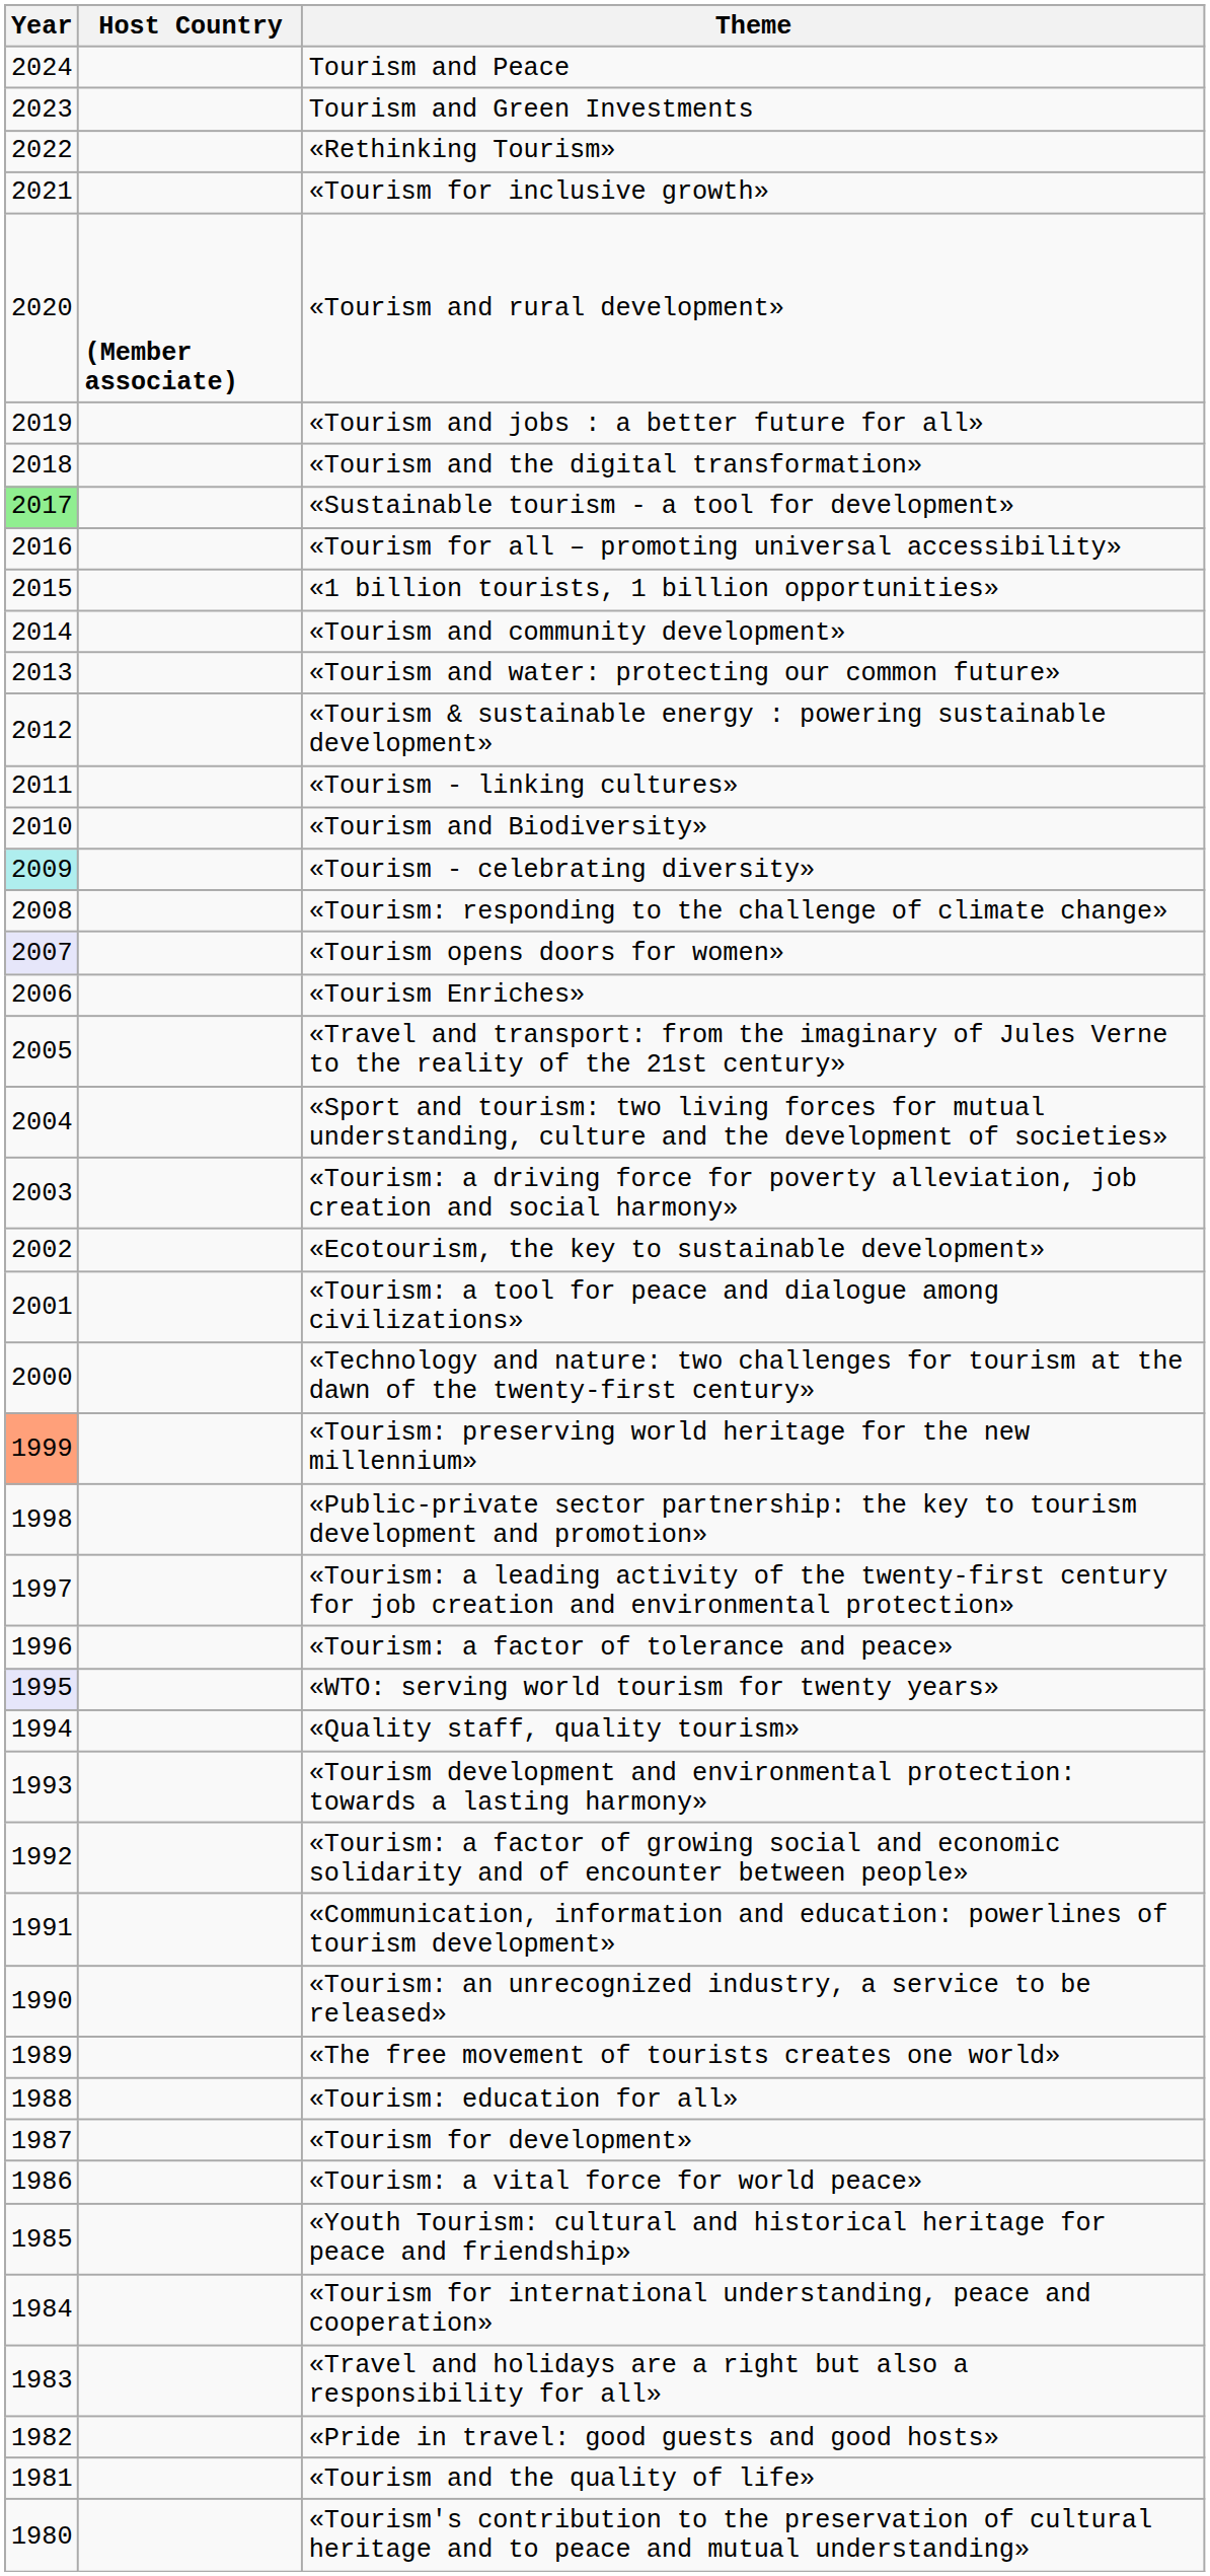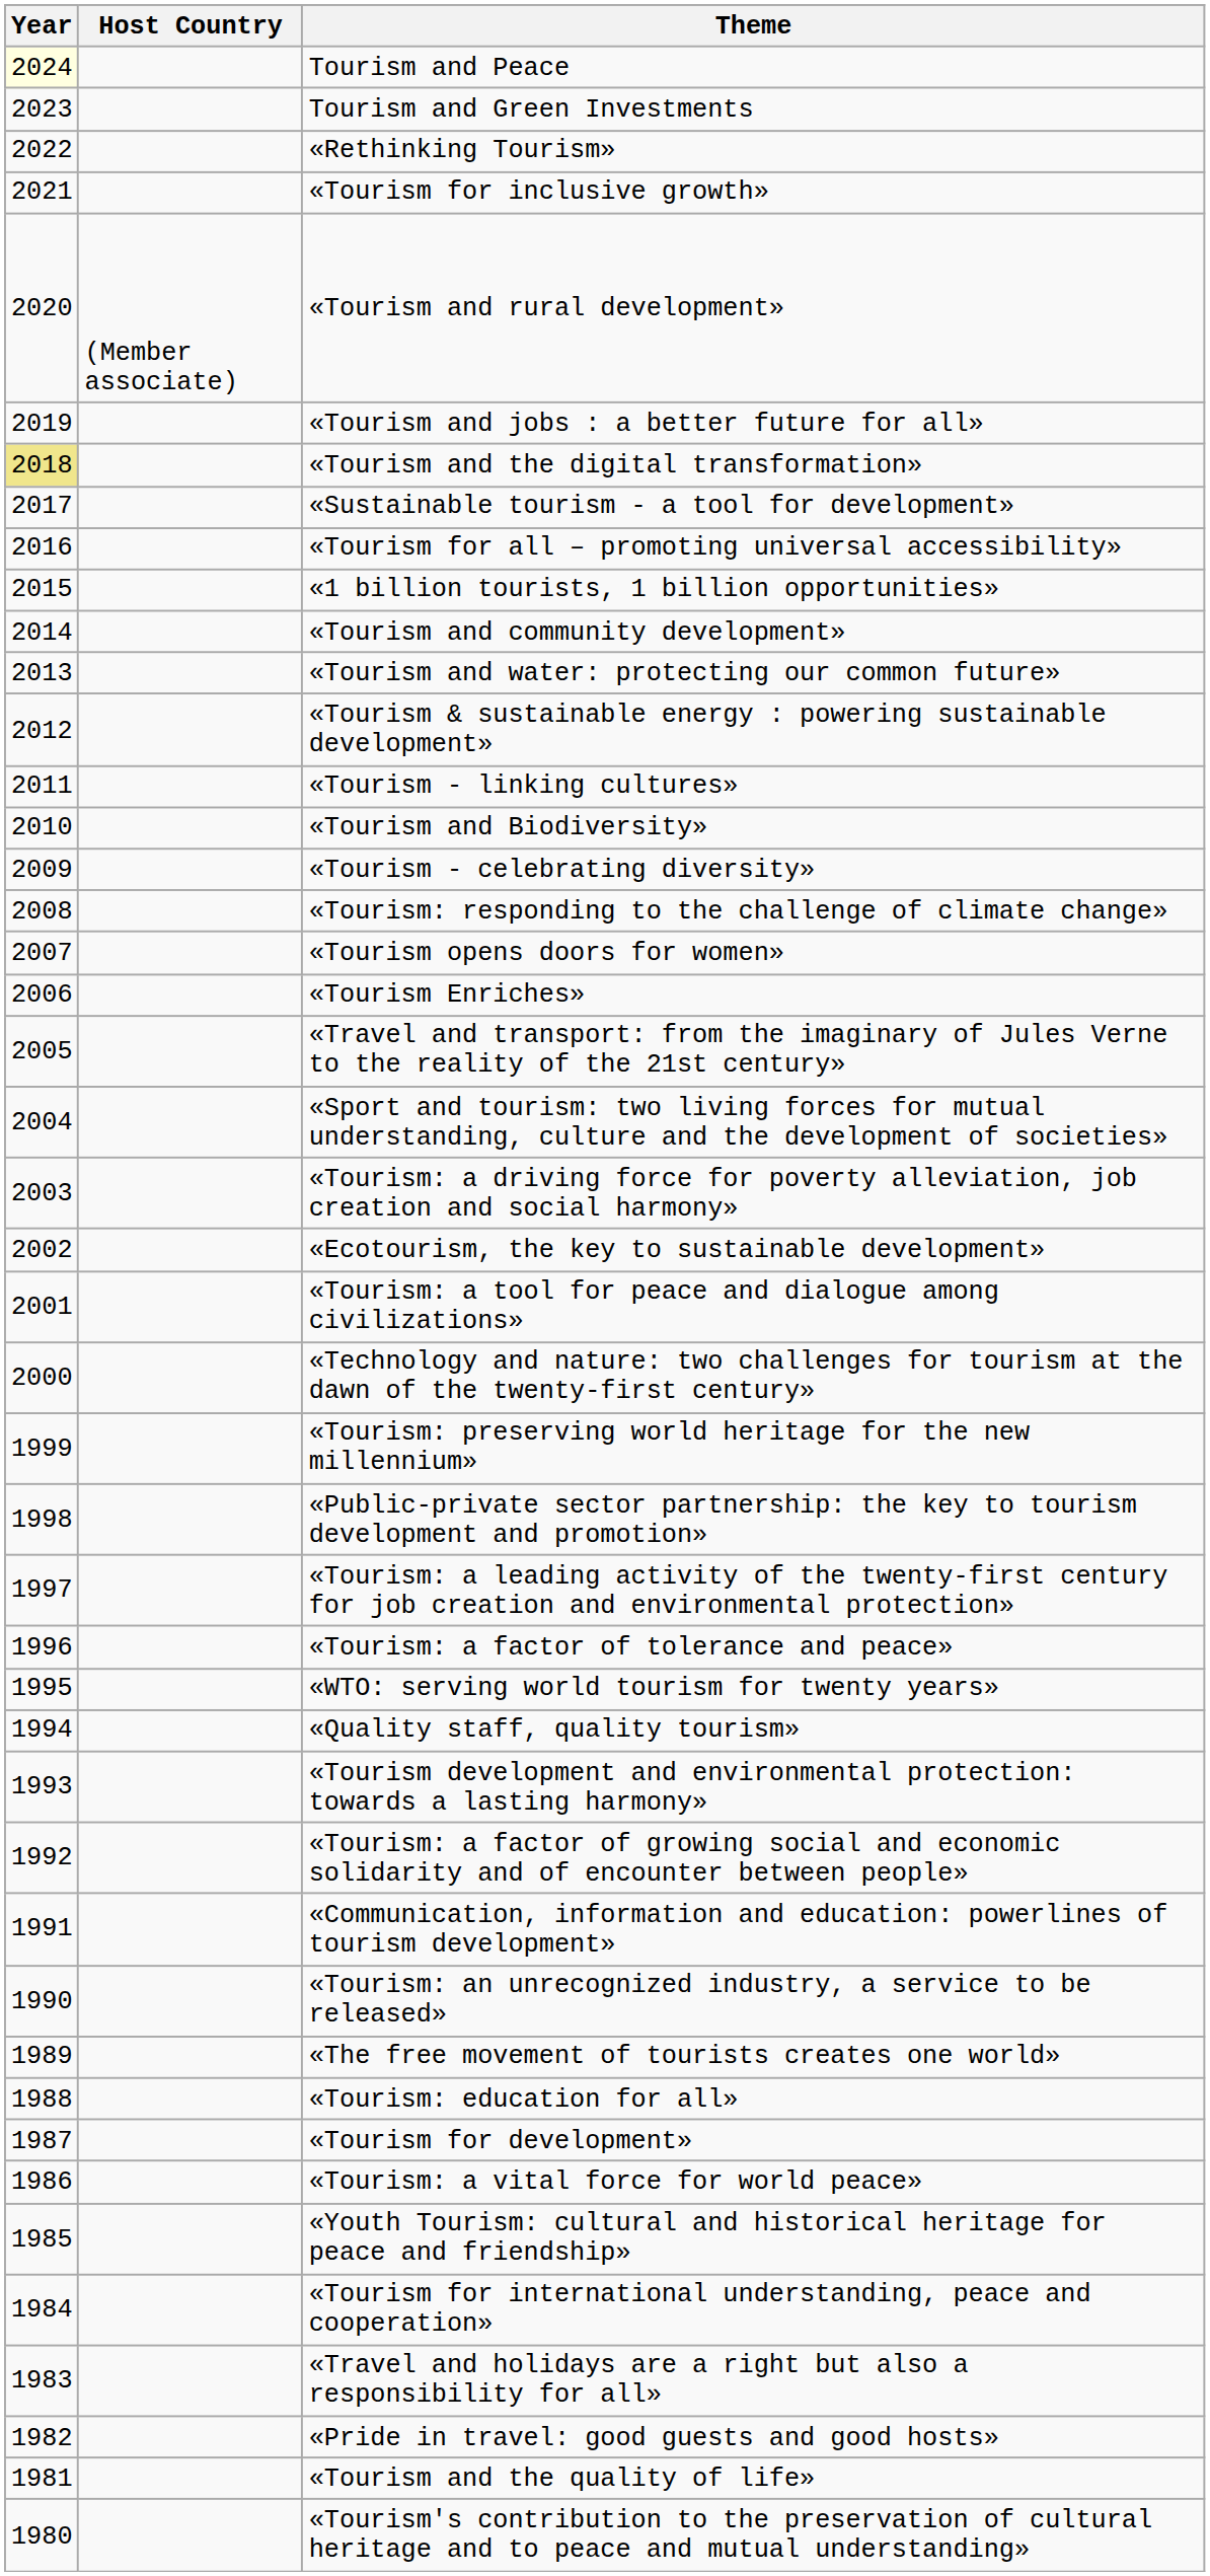 <table class="wikitable sortable">
 <tr>
 <th>Year</th>
 <th>Host Country</th>
 <th>Theme</th>
 </tr>
 <tr>
-<td>2024</td>
+<td style="background: lightyellow;">2024</td>
 <td></td>
 <td>Tourism and Peace</td>
 </tr>
 <tr>
 <td>2023</td>
 <td></td>
 <td>Tourism and Green Investments</td>
 </tr>
 <tr>
 <td>2022</td>
 <td></td>
 <td>«Rethinking Tourism»</td>
 </tr>
 <tr>
 <td>2021</td>
 <td></td>
 <td>«Tourism for inclusive growth»</td>
 </tr>
 <tr>
 <td>2020</td>
-<td><strong><br><br><br><br> (Member associate)</strong></td>
+<td><br><br><br><br> (Member associate)</td>
 <td>«Tourism and rural development»</td>
 </tr>
 <tr>
 <td>2019</td>
 <td></td>
 <td>«Tourism and jobs : a better future for all»</td>
 </tr>
 <tr>
-<td>2018</td>
+<td style="background: khaki;">2018</td>
 <td></td>
 <td>«Tourism and the digital transformation»</td>
 </tr>
 <tr>
-<td style="background: lightgreen;">2017</td>
+<td>2017</td>
 <td></td>
 <td>«Sustainable tourism - a tool for development»</td>
 </tr>
 <tr>
 <td>2016</td>
 <td></td>
 <td>«Tourism for all – promoting universal accessibility»</td>
 </tr>
 <tr>
 <td>2015</td>
 <td></td>
 <td>«1 billion tourists, 1 billion opportunities»</td>
 </tr>
 <tr>
 <td>2014</td>
 <td></td>
 <td>«Tourism and community development»</td>
 </tr>
 <tr>
 <td>2013</td>
 <td></td>
 <td>«Tourism and water: protecting our common future»</td>
 </tr>
 <tr>
 <td>2012</td>
 <td></td>
 <td>«Tourism & sustainable energy : powering sustainable development»</td>
 </tr>
 <tr>
 <td>2011</td>
 <td></td>
 <td>«Tourism - linking cultures»</td>
 </tr>
 <tr>
 <td>2010</td>
 <td></td>
 <td>«Tourism and Biodiversity»</td>
 </tr>
 <tr>
-<td style="background: paleturquoise;">2009</td>
+<td>2009</td>
 <td></td>
 <td>«Tourism - celebrating diversity»</td>
 </tr>
 <tr>
 <td>2008</td>
 <td></td>
 <td>«Tourism: responding to the challenge of climate change»</td>
 </tr>
 <tr>
-<td style="background: lavender;">2007</td>
+<td>2007</td>
 <td></td>
 <td>«Tourism opens doors for women»</td>
 </tr>
 <tr>
 <td>2006</td>
 <td></td>
 <td>«Tourism Enriches»</td>
 </tr>
 <tr>
 <td>2005</td>
 <td></td>
 <td>«Travel and transport: from the imaginary of Jules Verne to the reality of the 21st century»</td>
 </tr>
 <tr>
 <td>2004</td>
 <td></td>
 <td>«Sport and tourism: two living forces for mutual understanding, culture and the development of societies»</td>
 </tr>
 <tr>
 <td>2003</td>
 <td></td>
 <td>«Tourism: a driving force for poverty alleviation, job creation and social harmony»</td>
 </tr>
 <tr>
 <td>2002</td>
 <td></td>
 <td>«Ecotourism, the key to sustainable development»</td>
 </tr>
 <tr>
 <td>2001</td>
 <td></td>
 <td>«Tourism: a tool for peace and dialogue among civilizations»</td>
 </tr>
 <tr>
 <td>2000</td>
 <td></td>
 <td>«Technology and nature: two challenges for tourism at the dawn of the twenty-first century»</td>
 </tr>
 <tr>
-<td style="background: lightsalmon;">1999</td>
+<td>1999</td>
 <td></td>
 <td>«Tourism: preserving world heritage for the new millennium»</td>
 </tr>
 <tr>
 <td>1998</td>
 <td></td>
 <td>«Public-private sector partnership: the key to tourism development and promotion»</td>
 </tr>
 <tr>
 <td>1997</td>
 <td></td>
 <td>«Tourism: a leading activity of the twenty-first century for job creation and environmental protection»</td>
 </tr>
 <tr>
 <td>1996</td>
 <td></td>
 <td>«Tourism: a factor of tolerance and peace»</td>
 </tr>
 <tr>
-<td style="background: lavender;">1995</td>
+<td>1995</td>
 <td></td>
 <td>«WTO: serving world tourism for twenty years»</td>
 </tr>
 <tr>
 <td>1994</td>
 <td></td>
 <td>«Quality staff, quality tourism»</td>
 </tr>
 <tr>
 <td>1993</td>
 <td></td>
 <td>«Tourism development and environmental protection: towards a lasting harmony»</td>
 </tr>
 <tr>
 <td>1992</td>
 <td></td>
 <td>«Tourism: a factor of growing social and economic solidarity and of encounter between people»</td>
 </tr>
 <tr>
 <td>1991</td>
 <td></td>
 <td>«Communication, information and education: powerlines of tourism development»</td>
 </tr>
 <tr>
 <td>1990</td>
 <td></td>
 <td>«Tourism: an unrecognized industry, a service to be released»</td>
 </tr>
 <tr>
 <td>1989</td>
 <td></td>
 <td>«The free movement of tourists creates one world»</td>
 </tr>
 <tr>
 <td>1988</td>
 <td></td>
 <td>«Tourism: education for all»</td>
 </tr>
 <tr>
 <td>1987</td>
 <td></td>
 <td>«Tourism for development»</td>
 </tr>
 <tr>
 <td>1986</td>
 <td></td>
 <td>«Tourism: a vital force for world peace»</td>
 </tr>
 <tr>
 <td>1985</td>
 <td></td>
 <td>«Youth Tourism: cultural and historical heritage for peace and friendship»</td>
 </tr>
 <tr>
 <td>1984</td>
 <td></td>
 <td>«Tourism for international understanding, peace and cooperation»</td>
 </tr>
 <tr>
 <td>1983</td>
 <td></td>
 <td>«Travel and holidays are a right but also a responsibility for all»</td>
 </tr>
 <tr>
 <td>1982</td>
 <td></td>
 <td>«Pride in travel: good guests and good hosts»</td>
 </tr>
 <tr>
 <td>1981</td>
 <td></td>
 <td>«Tourism and the quality of life»</td>
 </tr>
 <tr>
 <td>1980</td>
 <td></td>
 <td>«Tourism's contribution to the preservation of cultural heritage and to peace and mutual understanding»</td>
 </tr>
 </table>
